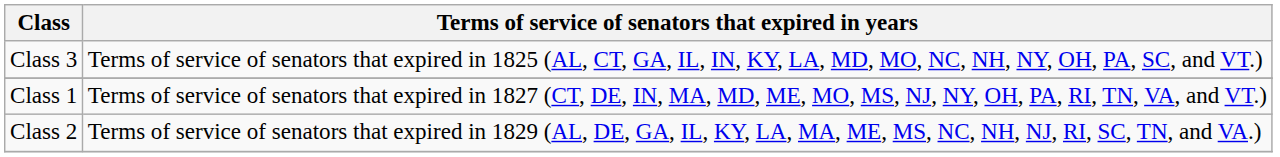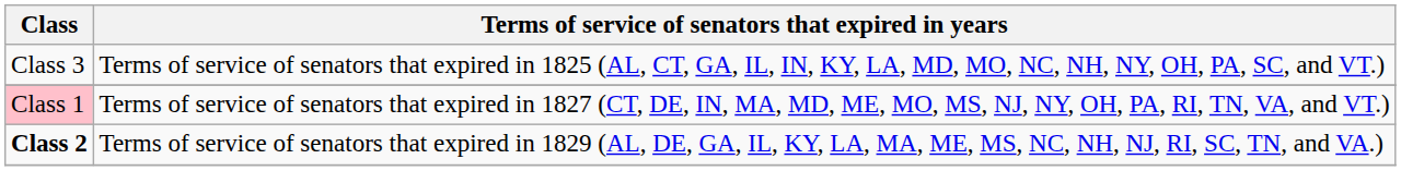 <table class="wikitable sortable">
 <tr valign=bottom>
 <th>Class</th>
 <th>Terms of service of senators that expired in years</th>
 </tr>
 <tr>
 <td>Class 3</td>
 <td>Terms of service of senators that expired in 1825 (<a href='#'>AL</a>, <a href='#'>CT</a>, <a href='#'>GA</a>, <a href='#'>IL</a>, <a href='#'>IN</a>, <a href='#'>KY</a>, <a href='#'>LA</a>, <a href='#'>MD</a>, <a href='#'>MO</a>, <a href='#'>NC</a>, <a href='#'>NH</a>, <a href='#'>NY</a>, <a href='#'>OH</a>, <a href='#'>PA</a>, <a href='#'>SC</a>, and <a href='#'>VT</a>.)</td>
 </tr>
 <tr>
 </tr>
 <tr>
-<td>Class 1</td>
+<td style="background: pink;">Class 1</td>
 <td>Terms of service of senators that expired in 1827 (<a href='#'>CT</a>, <a href='#'>DE</a>, <a href='#'>IN</a>, <a href='#'>MA</a>, <a href='#'>MD</a>, <a href='#'>ME</a>, <a href='#'>MO</a>, <a href='#'>MS</a>, <a href='#'>NJ</a>, <a href='#'>NY</a>, <a href='#'>OH</a>, <a href='#'>PA</a>, <a href='#'>RI</a>, <a href='#'>TN</a>, <a href='#'>VA</a>, and <a href='#'>VT</a>.)</td>
 </tr>
 <tr>
-<td>Class 2</td>
+<td><strong>Class 2</strong></td>
 <td>Terms of service of senators that expired in 1829 (<a href='#'>AL</a>, <a href='#'>DE</a>, <a href='#'>GA</a>, <a href='#'>IL</a>, <a href='#'>KY</a>, <a href='#'>LA</a>, <a href='#'>MA</a>, <a href='#'>ME</a>, <a href='#'>MS</a>, <a href='#'>NC</a>, <a href='#'>NH</a>, <a href='#'>NJ</a>, <a href='#'>RI</a>, <a href='#'>SC</a>, <a href='#'>TN</a>, and <a href='#'>VA</a>.)</td>
 </tr>
 <tr>
 </tr>
 </table>
